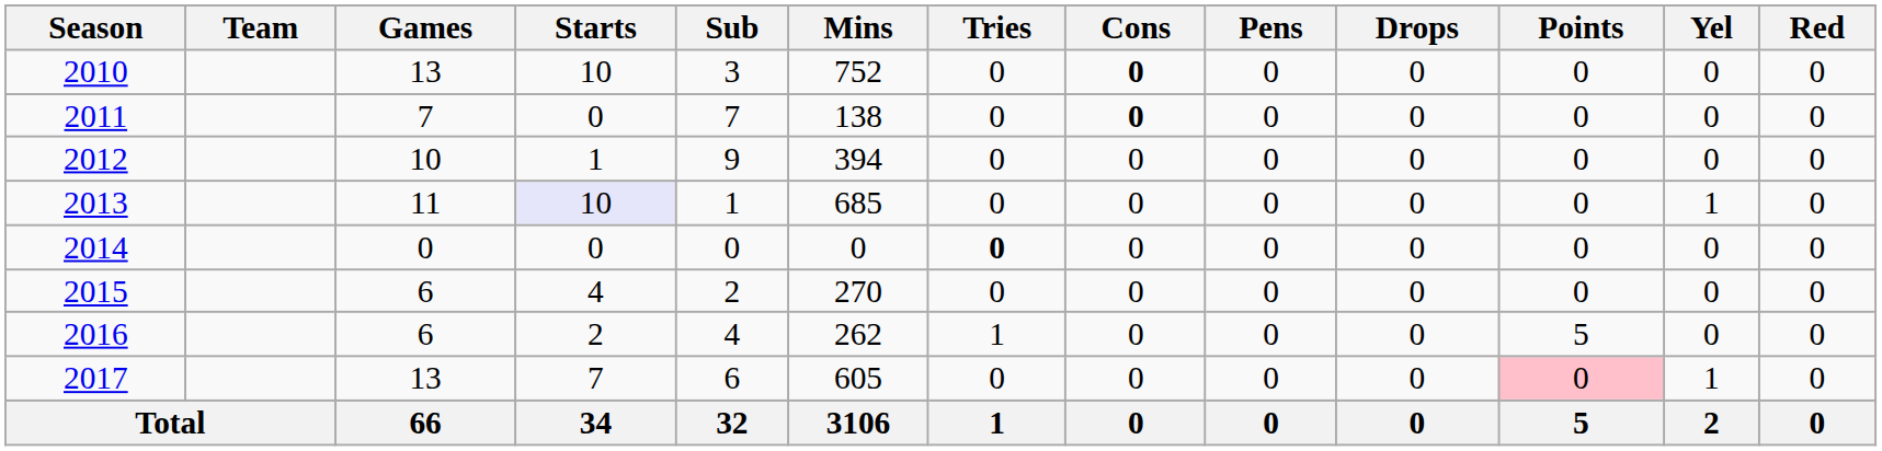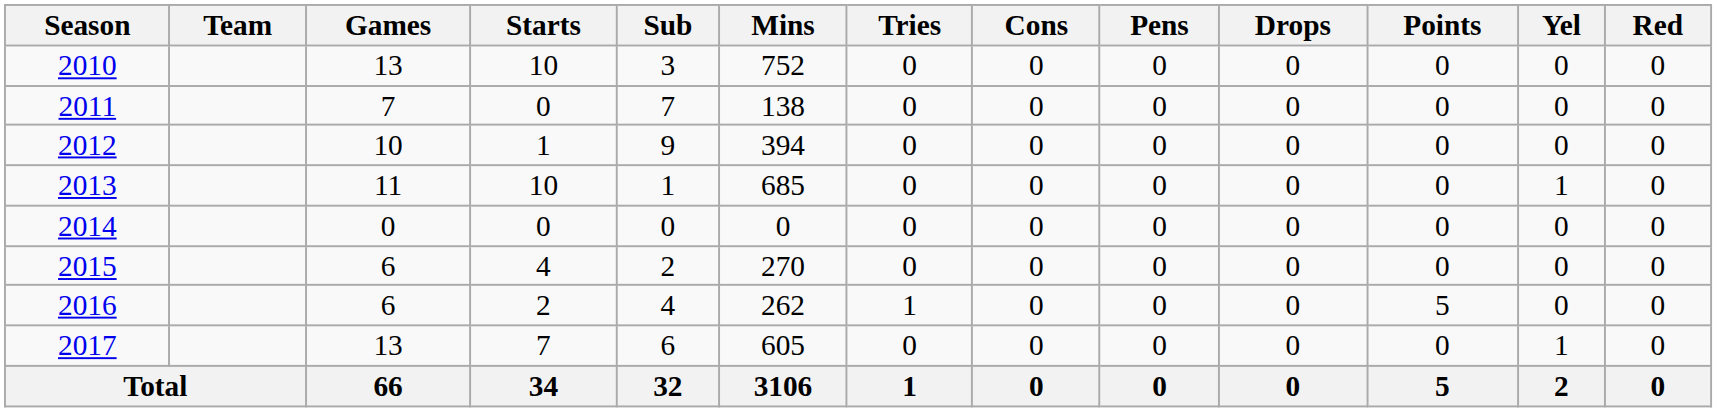 <table class="wikitable" style="text-align:center; line-height:90%; font-size:95%; width:70%;">
 <tr>
 <th>Season</th>
 <th>Team</th>
 <th>Games</th>
 <th>Starts</th>
 <th>Sub</th>
 <th>Mins</th>
 <th>Tries</th>
 <th>Cons</th>
 <th>Pens</th>
 <th>Drops</th>
 <th>Points</th>
 <th>Yel</th>
 <th>Red</th>
 </tr>
 <tr>
 <td><a href='#'>2010</a></td>
 <td></td>
 <td>13</td>
 <td>10</td>
 <td>3</td>
 <td>752</td>
 <td>0</td>
-<td><strong>0</strong></td>
+<td>0</td>
 <td>0</td>
 <td>0</td>
 <td>0</td>
 <td>0</td>
 <td>0</td>
 </tr>
 <tr>
 <td><a href='#'>2011</a></td>
 <td></td>
 <td>7</td>
 <td>0</td>
 <td>7</td>
 <td>138</td>
 <td>0</td>
-<td><strong>0</strong></td>
+<td>0</td>
 <td>0</td>
 <td>0</td>
 <td>0</td>
 <td>0</td>
 <td>0</td>
 </tr>
 <tr>
 <td><a href='#'>2012</a></td>
 <td></td>
 <td>10</td>
 <td>1</td>
 <td>9</td>
 <td>394</td>
 <td>0</td>
 <td>0</td>
 <td>0</td>
 <td>0</td>
 <td>0</td>
 <td>0</td>
 <td>0</td>
 </tr>
 <tr>
 <td><a href='#'>2013</a></td>
 <td></td>
 <td>11</td>
-<td style="background: lavender;">10</td>
+<td>10</td>
 <td>1</td>
 <td>685</td>
 <td>0</td>
 <td>0</td>
 <td>0</td>
 <td>0</td>
 <td>0</td>
 <td>1</td>
 <td>0</td>
 </tr>
 <tr>
 <td><a href='#'>2014</a></td>
 <td></td>
 <td>0</td>
 <td>0</td>
 <td>0</td>
 <td>0</td>
-<td><strong>0</strong></td>
+<td>0</td>
 <td>0</td>
 <td>0</td>
 <td>0</td>
 <td>0</td>
 <td>0</td>
 <td>0</td>
 </tr>
 <tr>
 <td><a href='#'>2015</a></td>
 <td></td>
 <td>6</td>
 <td>4</td>
 <td>2</td>
 <td>270</td>
 <td>0</td>
 <td>0</td>
 <td>0</td>
 <td>0</td>
 <td>0</td>
 <td>0</td>
 <td>0</td>
 </tr>
 <tr>
 <td><a href='#'>2016</a></td>
 <td></td>
 <td>6</td>
 <td>2</td>
 <td>4</td>
 <td>262</td>
 <td>1</td>
 <td>0</td>
 <td>0</td>
 <td>0</td>
 <td>5</td>
 <td>0</td>
 <td>0</td>
 </tr>
 <tr>
 <td><a href='#'>2017</a></td>
 <td></td>
 <td>13</td>
 <td>7</td>
 <td>6</td>
 <td>605</td>
 <td>0</td>
 <td>0</td>
 <td>0</td>
 <td>0</td>
-<td style="background: pink;">0</td>
+<td>0</td>
 <td>1</td>
 <td>0</td>
 </tr>
 <tr>
 <th colspan="2">Total</th>
 <th>66</th>
 <th>34</th>
 <th>32</th>
 <th>3106</th>
 <th>1</th>
 <th>0</th>
 <th>0</th>
 <th>0</th>
 <th>5</th>
 <th>2</th>
 <th>0</th>
 </tr>
 </table>
